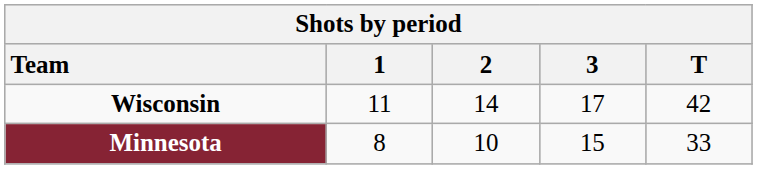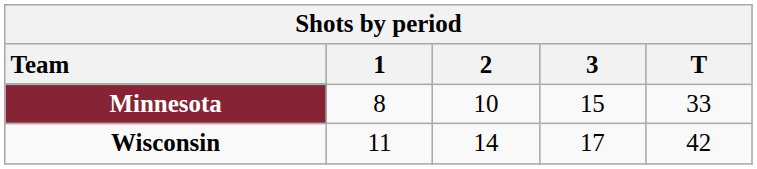 <table class="wikitable" style="width:30em; text-align:right;">
 <tr>
 <th colspan=5>Shots by period</th>
 </tr>
 <tr>
 <th style="width:10em; text-align:left;">Team</th>
 <th style="width:3em;">1</th>
 <th style="width:3em;">2</th>
 <th style="width:3em;">3</th>
 <th style="width:3em;">T</th>
 </tr>
 <tr>
+<td align=center style="color:white; background:#862334; "><strong>Minnesota</strong></td>
+<td align=center>8</td>
+<td align=center>10</td>
+<td align=center>15</td>
+<td align=center>33</td>
+</tr>
+<tr>
 <td align=center><strong>Wisconsin</strong></td>
 <td align=center>11</td>
 <td align=center>14</td>
 <td align=center>17</td>
 <td align=center>42</td>
 </tr>
-<tr>
-<td align=center style="color:white; background:#862334; "><strong>Minnesota</strong></td>
-<td align=center>8</td>
-<td align=center>10</td>
-<td align=center>15</td>
-<td align=center>33</td>
-</tr>
 </table>
